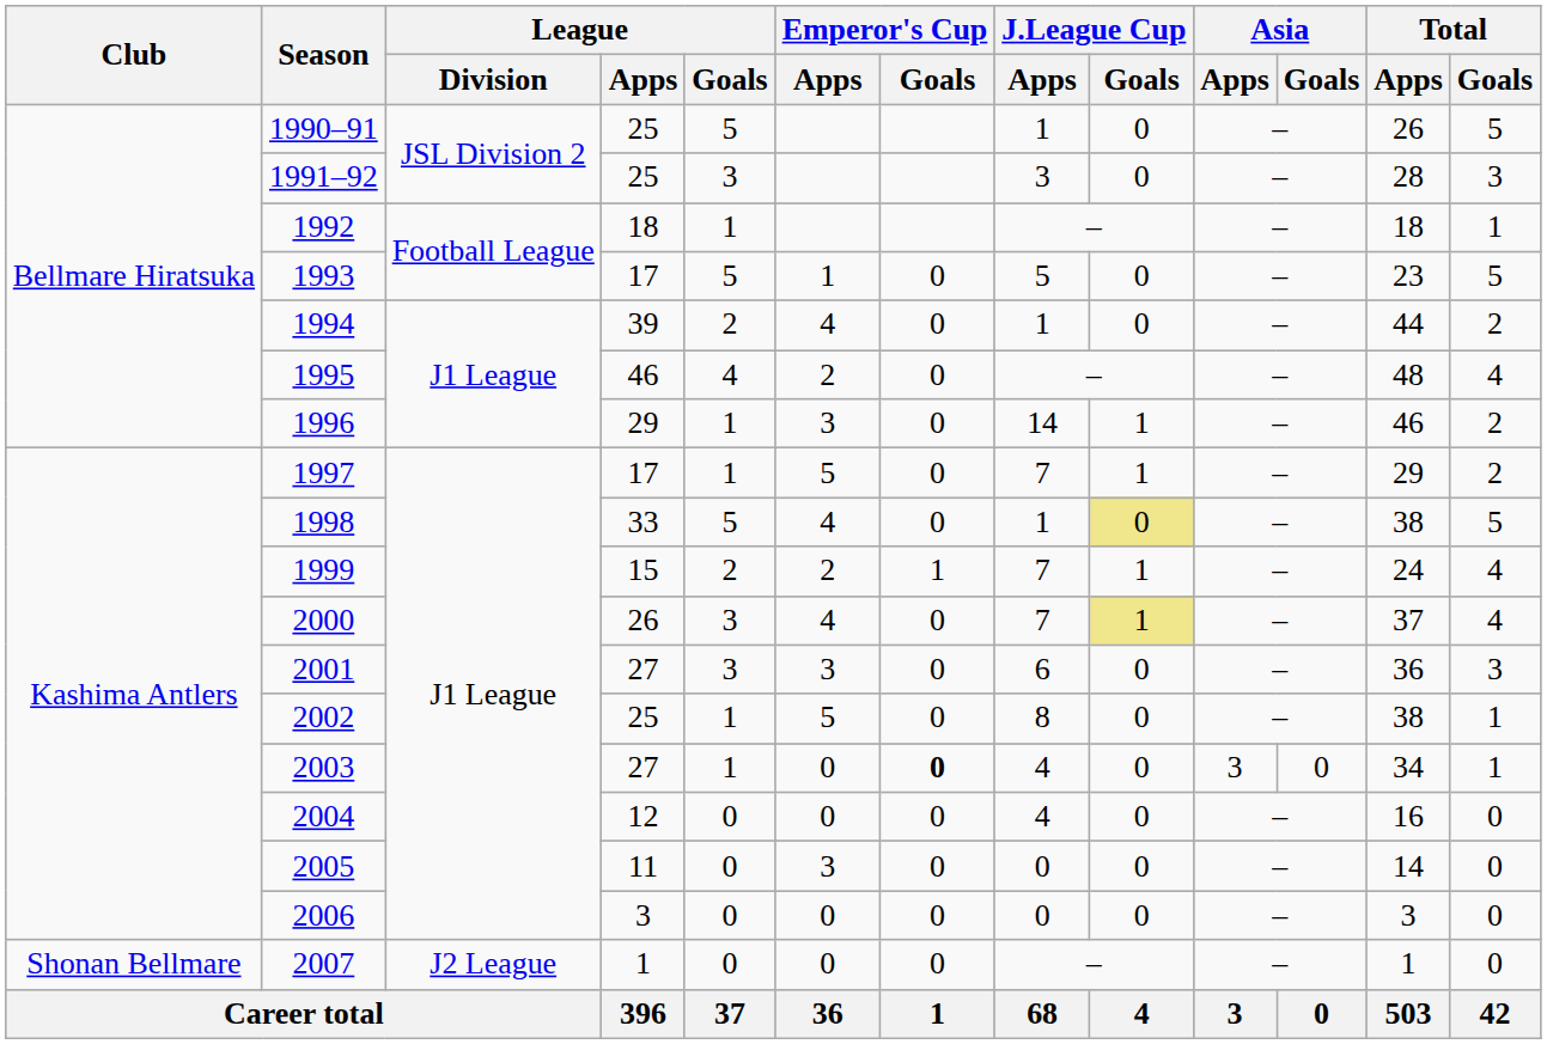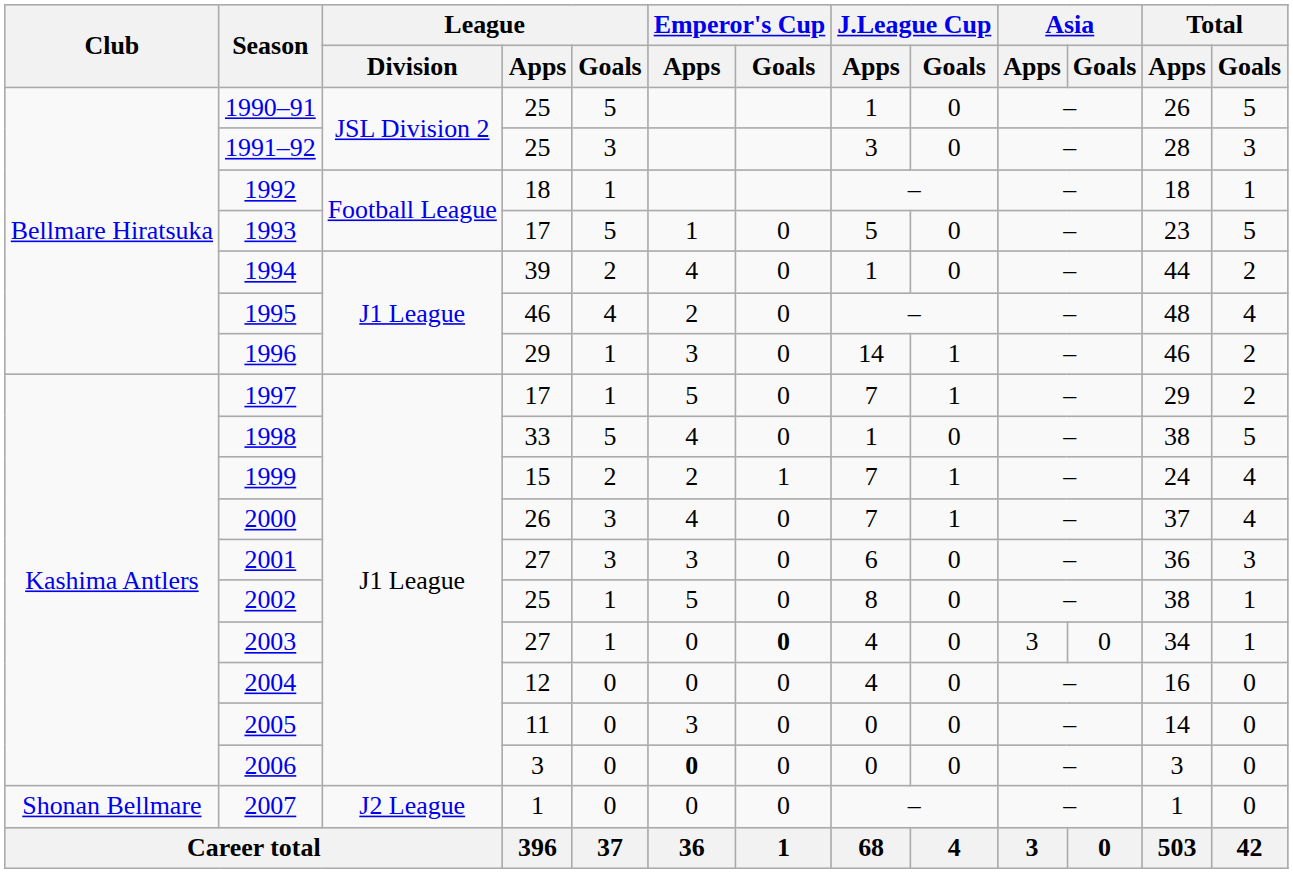 <table class="wikitable" style="text-align:center">
 <tr>
 <th rowspan="2">Club</th>
 <th rowspan="2">Season</th>
 <th colspan="3">League</th>
 <th colspan="2"><a href='#'>Emperor's Cup</a></th>
 <th colspan="2"><a href='#'>J.League Cup</a></th>
 <th colspan="2"><a href='#'>Asia</a></th>
 <th colspan="2">Total</th>
 </tr>
 <tr>
 <th>Division</th>
 <th>Apps</th>
 <th>Goals</th>
 <th>Apps</th>
 <th>Goals</th>
 <th>Apps</th>
 <th>Goals</th>
 <th>Apps</th>
 <th>Goals</th>
 <th>Apps</th>
 <th>Goals</th>
 </tr>
 <tr>
 <td rowspan="7"><a href='#'>Bellmare Hiratsuka</a></td>
 <td><a href='#'>1990–91</a></td>
 <td rowspan="2"><a href='#'>JSL Division 2</a></td>
 <td>25</td>
 <td>5</td>
 <td></td>
 <td></td>
 <td>1</td>
 <td>0</td>
 <td colspan="2">–</td>
 <td>26</td>
 <td>5</td>
 </tr>
 <tr>
 <td><a href='#'>1991–92</a></td>
 <td>25</td>
 <td>3</td>
 <td></td>
 <td></td>
 <td>3</td>
 <td>0</td>
 <td colspan="2">–</td>
 <td>28</td>
 <td>3</td>
 </tr>
 <tr>
 <td><a href='#'>1992</a></td>
 <td rowspan="2"><a href='#'>Football League</a></td>
 <td>18</td>
 <td>1</td>
 <td></td>
 <td></td>
 <td colspan="2">–</td>
 <td colspan="2">–</td>
 <td>18</td>
 <td>1</td>
 </tr>
 <tr>
 <td><a href='#'>1993</a></td>
 <td>17</td>
 <td>5</td>
 <td>1</td>
 <td>0</td>
 <td>5</td>
 <td>0</td>
 <td colspan="2">–</td>
 <td>23</td>
 <td>5</td>
 </tr>
 <tr>
 <td><a href='#'>1994</a></td>
 <td rowspan="3"><a href='#'>J1 League</a></td>
 <td>39</td>
 <td>2</td>
 <td>4</td>
 <td>0</td>
 <td>1</td>
 <td>0</td>
 <td colspan="2">–</td>
 <td>44</td>
 <td>2</td>
 </tr>
 <tr>
 <td><a href='#'>1995</a></td>
 <td>46</td>
 <td>4</td>
 <td>2</td>
 <td>0</td>
 <td colspan="2">–</td>
 <td colspan="2">–</td>
 <td>48</td>
 <td>4</td>
 </tr>
 <tr>
 <td><a href='#'>1996</a></td>
 <td>29</td>
 <td>1</td>
 <td>3</td>
 <td>0</td>
 <td>14</td>
 <td>1</td>
 <td colspan="2">–</td>
 <td>46</td>
 <td>2</td>
 </tr>
 <tr>
 <td rowspan="10"><a href='#'>Kashima Antlers</a></td>
 <td><a href='#'>1997</a></td>
 <td rowspan="10">J1 League</td>
 <td>17</td>
 <td>1</td>
 <td>5</td>
 <td>0</td>
 <td>7</td>
 <td>1</td>
 <td colspan="2">–</td>
 <td>29</td>
 <td>2</td>
 </tr>
 <tr>
 <td><a href='#'>1998</a></td>
 <td>33</td>
 <td>5</td>
 <td>4</td>
 <td>0</td>
 <td>1</td>
-<td style="background: khaki;">0</td>
+<td>0</td>
 <td colspan="2">–</td>
 <td>38</td>
 <td>5</td>
 </tr>
 <tr>
 <td><a href='#'>1999</a></td>
 <td>15</td>
 <td>2</td>
 <td>2</td>
 <td>1</td>
 <td>7</td>
 <td>1</td>
 <td colspan="2">–</td>
 <td>24</td>
 <td>4</td>
 </tr>
 <tr>
 <td><a href='#'>2000</a></td>
 <td>26</td>
 <td>3</td>
 <td>4</td>
 <td>0</td>
 <td>7</td>
-<td style="background: khaki;">1</td>
+<td>1</td>
 <td colspan="2">–</td>
 <td>37</td>
 <td>4</td>
 </tr>
 <tr>
 <td><a href='#'>2001</a></td>
 <td>27</td>
 <td>3</td>
 <td>3</td>
 <td>0</td>
 <td>6</td>
 <td>0</td>
 <td colspan="2">–</td>
 <td>36</td>
 <td>3</td>
 </tr>
 <tr>
 <td><a href='#'>2002</a></td>
 <td>25</td>
 <td>1</td>
 <td>5</td>
 <td>0</td>
 <td>8</td>
 <td>0</td>
 <td colspan="2">–</td>
 <td>38</td>
 <td>1</td>
 </tr>
 <tr>
 <td><a href='#'>2003</a></td>
 <td>27</td>
 <td>1</td>
 <td>0</td>
 <td><strong>0</strong></td>
 <td>4</td>
 <td>0</td>
 <td>3</td>
 <td>0</td>
 <td>34</td>
 <td>1</td>
 </tr>
 <tr>
 <td><a href='#'>2004</a></td>
 <td>12</td>
 <td>0</td>
 <td>0</td>
 <td>0</td>
 <td>4</td>
 <td>0</td>
 <td colspan="2">–</td>
 <td>16</td>
 <td>0</td>
 </tr>
 <tr>
 <td><a href='#'>2005</a></td>
 <td>11</td>
 <td>0</td>
 <td>3</td>
 <td>0</td>
 <td>0</td>
 <td>0</td>
 <td colspan="2">–</td>
 <td>14</td>
 <td>0</td>
 </tr>
 <tr>
 <td><a href='#'>2006</a></td>
 <td>3</td>
 <td>0</td>
-<td>0</td>
+<td><strong>0</strong></td>
 <td>0</td>
 <td>0</td>
 <td>0</td>
 <td colspan="2">–</td>
 <td>3</td>
 <td>0</td>
 </tr>
 <tr>
 <td><a href='#'>Shonan Bellmare</a></td>
 <td><a href='#'>2007</a></td>
 <td><a href='#'>J2 League</a></td>
 <td>1</td>
 <td>0</td>
 <td>0</td>
 <td>0</td>
 <td colspan="2">–</td>
 <td colspan="2">–</td>
 <td>1</td>
 <td>0</td>
 </tr>
 <tr>
 <th colspan="3">Career total</th>
 <th>396</th>
 <th>37</th>
 <th>36</th>
 <th>1</th>
 <th>68</th>
 <th>4</th>
 <th>3</th>
 <th>0</th>
 <th>503</th>
 <th>42</th>
 </tr>
 </table>
